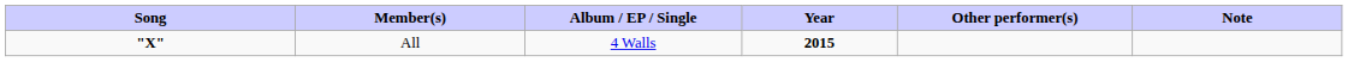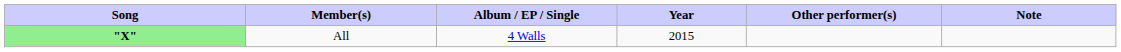 <table class="wikitable" style="margin:0.5em auto; clear:both; font-size:.9em; text-align:center; width:100%">
 <tr>
 <th width="500" style="background: #CCCCFF;">Song</th>
 <th width="350" style="background: #CCCCFF;">Member(s)</th>
 <th width="350" style="background: #CCCCFF;">Album / EP / Single</th>
 <th width="250" style="background: #CCCCFF;">Year</th>
 <th width="350" style="background: #CCCCFF;">Other performer(s)</th>
 <th width="350" style="background: #CCCCFF;">Note</th>
 </tr>
 <tr>
-<td><strong>"X"</strong></td>
+<td style="background: lightgreen;"><strong>"X"</strong></td>
 <td>All</td>
 <td><a href='#'>4 Walls</a></td>
-<td><strong>2015</strong></td>
+<td>2015</td>
 <td></td>
 <td></td>
 </tr>
 </table>
